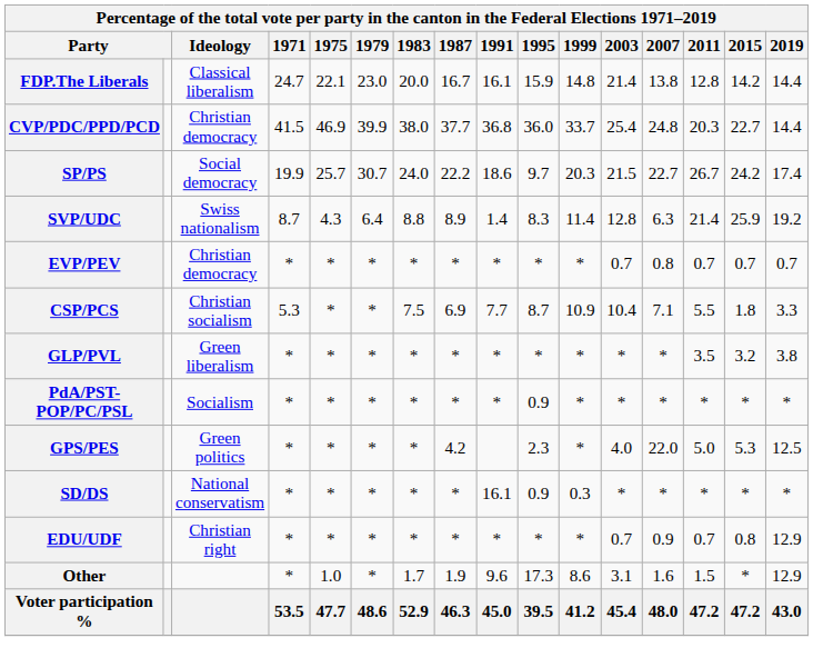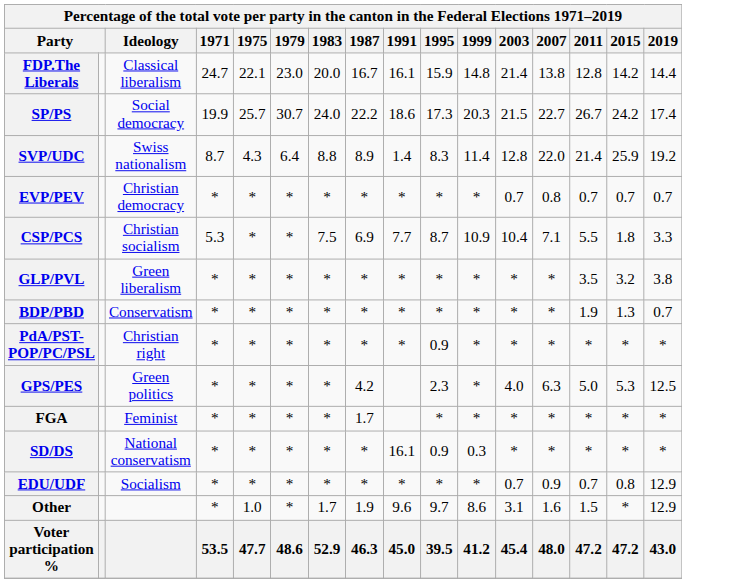 <table class="wikitable sortable" style ="text-align: center">
 <tr>
 <th colspan="16">Percentage of the total vote per party in the canton in the Federal Elections 1971–2019</th>
 </tr>
 <tr>
 <th colspan="2">Party</th>
 <th class="unsortable">Ideology</th>
 <th>1971</th>
 <th>1975</th>
 <th>1979</th>
 <th>1983</th>
 <th>1987</th>
 <th>1991</th>
 <th>1995</th>
 <th>1999</th>
 <th>2003</th>
 <th>2007</th>
 <th>2011</th>
 <th>2015</th>
 <th>2019</th>
 </tr>
 <tr>
 <th><a href='#'>FDP.The Liberals</a></th>
 <td style="color:inherit;background:"></td>
 <td><a href='#'>Classical liberalism</a></td>
 <td>24.7</td>
 <td>22.1</td>
 <td>23.0</td>
 <td>20.0</td>
 <td>16.7</td>
 <td>16.1</td>
 <td>15.9</td>
 <td>14.8</td>
 <td>21.4</td>
 <td>13.8</td>
 <td>12.8</td>
 <td>14.2</td>
 <td>14.4</td>
 </tr>
 <tr>
-<th><a href='#'>CVP/PDC/PPD/PCD</a></th>
-<td style="color:inherit;background:"></td>
-<td><a href='#'>Christian democracy</a></td>
-<td>41.5</td>
-<td>46.9</td>
-<td>39.9</td>
-<td>38.0</td>
-<td>37.7</td>
-<td>36.8</td>
-<td>36.0</td>
-<td>33.7</td>
-<td>25.4</td>
-<td>24.8</td>
-<td>20.3</td>
-<td>22.7</td>
-<td>14.4</td>
-</tr>
-<tr>
 <th><a href='#'>SP/PS</a></th>
 <td style="color:inherit;background:"></td>
 <td><a href='#'>Social democracy</a></td>
 <td>19.9</td>
 <td>25.7</td>
 <td>30.7</td>
 <td>24.0</td>
 <td>22.2</td>
 <td>18.6</td>
-<td>9.7</td>
+<td>17.3</td>
 <td>20.3</td>
 <td>21.5</td>
 <td>22.7</td>
 <td>26.7</td>
 <td>24.2</td>
 <td>17.4</td>
 </tr>
 <tr>
 <th><a href='#'>SVP/UDC</a></th>
 <td style="color:inherit;background:"></td>
 <td><a href='#'>Swiss nationalism</a></td>
 <td>8.7</td>
 <td>4.3</td>
 <td>6.4</td>
 <td>8.8</td>
 <td>8.9</td>
 <td>1.4</td>
 <td>8.3</td>
 <td>11.4</td>
 <td>12.8</td>
-<td>6.3</td>
+<td>22.0</td>
 <td>21.4</td>
 <td>25.9</td>
 <td>19.2</td>
 </tr>
 <tr>
 <th><a href='#'>EVP/PEV</a></th>
 <td style="color:inherit;background:"></td>
 <td><a href='#'>Christian democracy</a></td>
 <td>*</td>
 <td>*</td>
 <td>*</td>
 <td>*</td>
 <td>*</td>
 <td>*</td>
 <td>*</td>
 <td>*</td>
 <td>0.7</td>
 <td>0.8</td>
 <td>0.7</td>
 <td>0.7</td>
 <td>0.7</td>
 </tr>
 <tr>
 <th><a href='#'>CSP/PCS</a></th>
 <td style="color:inherit;background:"></td>
 <td><a href='#'>Christian socialism</a></td>
 <td>5.3</td>
 <td>*</td>
 <td>*</td>
 <td>7.5</td>
 <td>6.9</td>
 <td>7.7</td>
 <td>8.7</td>
 <td>10.9</td>
 <td>10.4</td>
 <td>7.1</td>
 <td>5.5</td>
 <td>1.8</td>
 <td>3.3</td>
 </tr>
 <tr>
 <th><a href='#'>GLP/PVL</a></th>
 <td style="color:inherit;background:"></td>
 <td><a href='#'>Green liberalism</a></td>
 <td>*</td>
 <td>*</td>
 <td>*</td>
 <td>*</td>
 <td>*</td>
 <td>*</td>
 <td>*</td>
 <td>*</td>
 <td>*</td>
 <td>*</td>
 <td>3.5</td>
 <td>3.2</td>
 <td>3.8</td>
 </tr>
 <tr>
+<th><a href='#'>BDP/PBD</a></th>
+<td style="color:inherit;background:"></td>
+<td><a href='#'>Conservatism</a></td>
+<td>*</td>
+<td>*</td>
+<td>*</td>
+<td>*</td>
+<td>*</td>
+<td>*</td>
+<td>*</td>
+<td>*</td>
+<td>*</td>
+<td>*</td>
+<td>1.9</td>
+<td>1.3</td>
+<td>0.7</td>
+</tr>
+<tr>
 <th><a href='#'>PdA/PST-POP/PC/PSL</a></th>
 <td style="color:inherit;background:"></td>
-<td><a href='#'>Socialism</a></td>
+<td><a href='#'>Christian right</a></td>
 <td>*</td>
 <td>*</td>
 <td>*</td>
 <td>*</td>
 <td>*</td>
 <td>*</td>
 <td>0.9</td>
 <td>*</td>
 <td>*</td>
 <td>*</td>
 <td>*</td>
 <td>*</td>
 <td>*</td>
 </tr>
 <tr>
 <th><a href='#'>GPS/PES</a></th>
 <td style="color:inherit;background:"></td>
 <td><a href='#'>Green politics</a></td>
 <td>*</td>
 <td>*</td>
 <td>*</td>
 <td>*</td>
 <td>4.2</td>
 <td></td>
 <td>2.3</td>
 <td>*</td>
 <td>4.0</td>
-<td>22.0</td>
+<td>6.3</td>
 <td>5.0</td>
 <td>5.3</td>
 <td>12.5</td>
+</tr>
+<tr>
+<th>FGA</th>
+<td></td>
+<td><a href='#'>Feminist</a></td>
+<td>*</td>
+<td>*</td>
+<td>*</td>
+<td>*</td>
+<td>1.7</td>
+<td></td>
+<td>*</td>
+<td>*</td>
+<td>*</td>
+<td>*</td>
+<td>*</td>
+<td>*</td>
+<td>*</td>
 </tr>
 <tr>
 <th><a href='#'>SD/DS</a></th>
 <td style="color:inherit;background:"></td>
 <td><a href='#'>National conservatism</a></td>
 <td>*</td>
 <td>*</td>
 <td>*</td>
 <td>*</td>
 <td>*</td>
 <td>16.1</td>
 <td>0.9</td>
 <td>0.3</td>
 <td>*</td>
 <td>*</td>
 <td>*</td>
 <td>*</td>
 <td>*</td>
 </tr>
 <tr>
 <th><a href='#'>EDU/UDF</a></th>
 <td style="color:inherit;background:"></td>
-<td><a href='#'>Christian right</a></td>
+<td><a href='#'>Socialism</a></td>
 <td>*</td>
 <td>*</td>
 <td>*</td>
 <td>*</td>
 <td>*</td>
 <td>*</td>
 <td>*</td>
 <td>*</td>
 <td>0.7</td>
 <td>0.9</td>
 <td>0.7</td>
 <td>0.8</td>
 <td>12.9</td>
 </tr>
 <tr>
 <th>Other</th>
 <td></td>
 <td></td>
 <td>*</td>
 <td>1.0</td>
 <td>*</td>
 <td>1.7</td>
 <td>1.9</td>
 <td>9.6</td>
-<td>17.3</td>
+<td>9.7</td>
 <td>8.6</td>
 <td>3.1</td>
 <td>1.6</td>
 <td>1.5</td>
 <td>*</td>
 <td>12.9</td>
 </tr>
 <tr>
 <th>Voter participation %</th>
 <th></th>
 <th></th>
 <th>53.5</th>
 <th>47.7</th>
 <th>48.6</th>
 <th>52.9</th>
 <th>46.3</th>
 <th>45.0</th>
 <th>39.5</th>
 <th>41.2</th>
 <th>45.4</th>
 <th>48.0</th>
 <th>47.2</th>
 <th>47.2</th>
 <th>43.0</th>
 </tr>
 <tr>
 </tr>
 </table>
